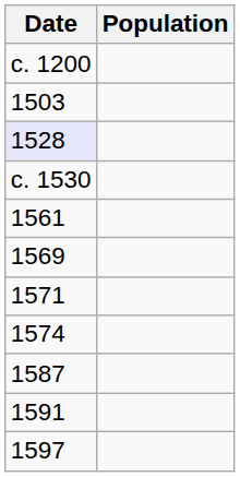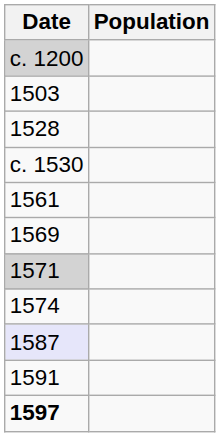 <table class="wikitable">
 <tr>
 <th>Date</th>
 <th colspan="2">Population</th>
 </tr>
 <tr>
-<td>c. 1200</td>
+<td style="background: lightgrey;">c. 1200</td>
 <td align = right></td>
 </tr>
 <tr>
 <td>1503</td>
 <td align = right></td>
 </tr>
 <tr>
-<td style="background: lavender;">1528</td>
+<td>1528</td>
 <td align = right></td>
 </tr>
 <tr>
 <td>c. 1530</td>
 <td align = right></td>
 </tr>
 <tr>
 <td>1561</td>
 <td align = right></td>
 </tr>
 <tr>
 <td>1569</td>
 <td align = right></td>
 </tr>
 <tr>
-<td>1571</td>
+<td style="background: lightgrey;">1571</td>
 <td align = right></td>
 </tr>
 <tr>
 <td>1574</td>
 <td align = right></td>
 </tr>
 <tr>
-<td>1587</td>
+<td style="background: lavender;">1587</td>
 <td align = right></td>
 </tr>
 <tr>
 <td>1591</td>
 <td align = right></td>
 </tr>
 <tr>
-<td>1597</td>
+<td><strong>1597</strong></td>
 <td align = right></td>
 </tr>
 </table>
